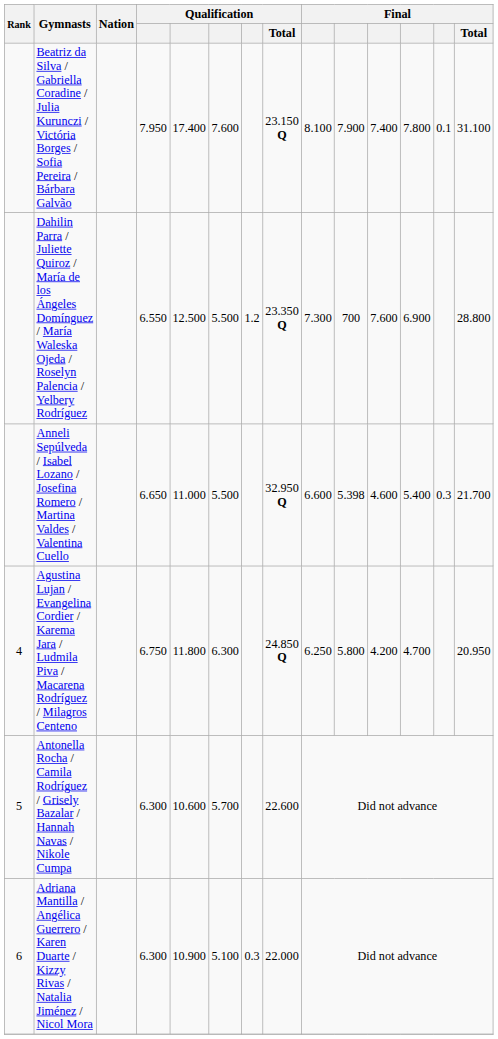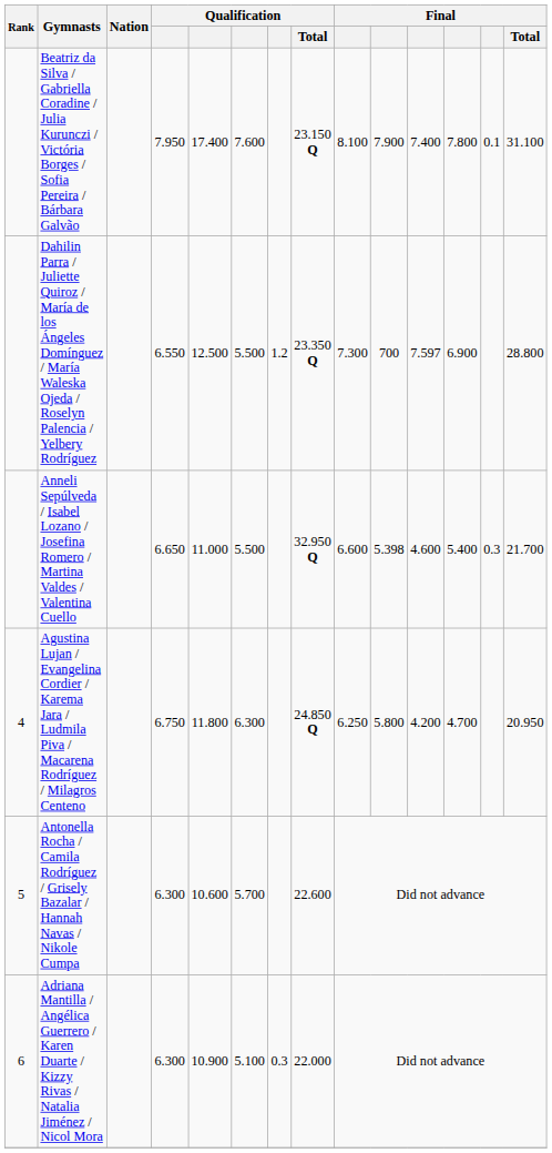 <table style="text-align:center;" class="wikitable sortable">
 <tr>
 <th rowspan="2" scope="col" style="width:15px;"><small>Rank</small></th>
 <th rowspan="2" scope="col" style="width:175px;">Gymnasts</th>
 <th rowspan="2" scope="col" style="width:175px;">Nation</th>
 <th colspan="5" scope="col" style="width:175px;">Qualification</th>
 <th colspan="6" scope="col" style="width:175px;">Final</th>
 </tr>
 <tr>
 <th scope="col" style="width:50px;"><small></small></th>
 <th scope="col" style="width:50px;"><small></small></th>
 <th scope="col" style="width:50px;"><small></small></th>
 <th scope="col" style="width:20px;"><small></small></th>
 <th scope="col" style="width:50px;">Total</th>
 <th scope="col" style="width:50px;"><small></small></th>
 <th scope="col" style="width:50px;"><small></small></th>
 <th scope="col" style="width:50px;"><small></small></th>
 <th scope="col" style="width:50px;"><small></small></th>
 <th scope="col" style="width:20px;"><small></small></th>
 <th scope="col" style="width:50px;">Total</th>
 </tr>
 <tr>
 <td></td>
 <td align=left><a href='#'>Beatriz da Silva</a> / <a href='#'>Gabriella Coradine</a> / <a href='#'>Julia Kurunczi</a> / <a href='#'>Victória Borges</a> / <a href='#'>Sofia Pereira</a> / <a href='#'>Bárbara Galvão</a></td>
 <td align=left></td>
 <td>7.950</td>
 <td>17.400</td>
 <td>7.600</td>
 <td></td>
 <td>23.150 <strong>Q</strong></td>
 <td>8.100</td>
 <td>7.900</td>
 <td>7.400</td>
 <td>7.800</td>
 <td>0.1</td>
 <td>31.100</td>
 </tr>
 <tr>
 <td></td>
 <td align=left><a href='#'>Dahilin Parra</a> / <a href='#'>Juliette Quiroz</a> / <a href='#'>María de los Ángeles Domínguez</a> / <a href='#'>María Waleska Ojeda</a> / <a href='#'>Roselyn Palencia</a> / <a href='#'>Yelbery Rodríguez</a></td>
 <td align=left></td>
 <td>6.550</td>
 <td>12.500</td>
 <td>5.500</td>
 <td>1.2</td>
 <td>23.350 <strong>Q</strong></td>
 <td>7.300</td>
 <td>700</td>
-<td>7.600</td>
+<td>7.597</td>
 <td>6.900</td>
 <td></td>
 <td>28.800</td>
 </tr>
 <tr>
 <td></td>
 <td align=left><a href='#'>Anneli Sepúlveda</a> / <a href='#'>Isabel Lozano</a> / <a href='#'>Josefina Romero</a> / <a href='#'>Martina Valdes</a> / <a href='#'>Valentina Cuello</a></td>
 <td align=left></td>
 <td>6.650</td>
 <td>11.000</td>
 <td>5.500</td>
 <td></td>
 <td>32.950 <strong>Q</strong></td>
 <td>6.600</td>
 <td>5.398</td>
 <td>4.600</td>
 <td>5.400</td>
 <td>0.3</td>
 <td>21.700</td>
 </tr>
 <tr>
 <td>4</td>
 <td align=left><a href='#'>Agustina Lujan</a> / <a href='#'>Evangelina Cordier</a> / <a href='#'>Karema Jara</a> / <a href='#'>Ludmila Piva</a> / <a href='#'>Macarena Rodríguez</a> / <a href='#'>Milagros Centeno</a></td>
 <td align=left></td>
 <td>6.750</td>
 <td>11.800</td>
 <td>6.300</td>
 <td></td>
 <td>24.850 <strong>Q</strong></td>
 <td>6.250</td>
 <td>5.800</td>
 <td>4.200</td>
 <td>4.700</td>
 <td></td>
 <td>20.950</td>
 </tr>
 <tr>
 <td>5</td>
 <td align=left><a href='#'>Antonella Rocha</a> / <a href='#'>Camila Rodríguez</a> / <a href='#'>Grisely Bazalar</a> / <a href='#'>Hannah Navas</a> / <a href='#'>Nikole Cumpa</a></td>
 <td align=left></td>
 <td>6.300</td>
 <td>10.600</td>
 <td>5.700</td>
 <td></td>
 <td>22.600</td>
 <td colspan="6">Did not advance</td>
 </tr>
 <tr>
 <td>6</td>
 <td align=left><a href='#'>Adriana Mantilla</a> / <a href='#'>Angélica Guerrero</a> / <a href='#'>Karen Duarte</a> / <a href='#'>Kizzy Rivas</a> / <a href='#'>Natalia Jiménez</a> / <a href='#'>Nicol Mora</a></td>
 <td align=left></td>
 <td>6.300</td>
 <td>10.900</td>
 <td>5.100</td>
 <td>0.3</td>
 <td>22.000</td>
 <td colspan="6">Did not advance</td>
 </tr>
 <tr>
 </tr>
 </table>
